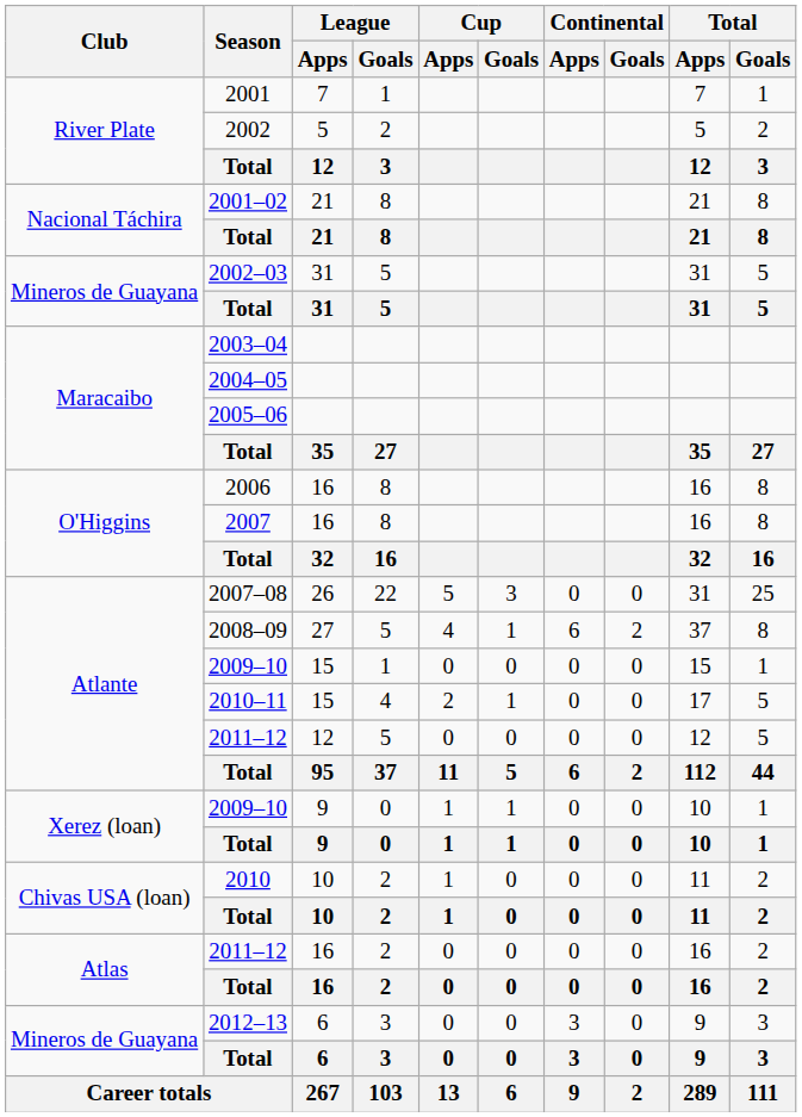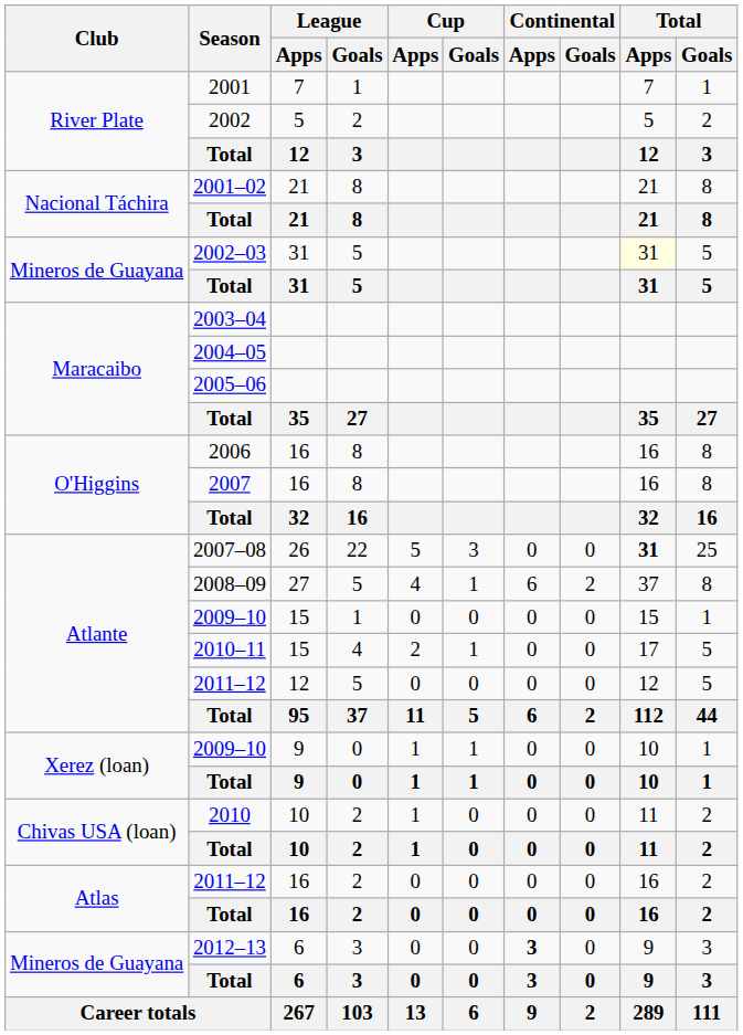 <table class="wikitable" style="text-align: center;">
 <tr>
 <th rowspan="2">Club</th>
 <th rowspan="2">Season</th>
 <th colspan="2">League</th>
 <th colspan="2">Cup</th>
 <th colspan="2">Continental</th>
 <th colspan="2">Total</th>
 </tr>
 <tr>
 <th>Apps</th>
 <th>Goals</th>
 <th>Apps</th>
 <th>Goals</th>
 <th>Apps</th>
 <th>Goals</th>
 <th>Apps</th>
 <th>Goals</th>
 </tr>
 <tr>
 <td rowspan="3"><a href='#'>River Plate</a></td>
 <td>2001</td>
 <td>7</td>
 <td>1</td>
 <td></td>
 <td></td>
 <td></td>
 <td></td>
 <td>7</td>
 <td>1</td>
 </tr>
 <tr>
 <td>2002</td>
 <td>5</td>
 <td>2</td>
 <td></td>
 <td></td>
 <td></td>
 <td></td>
 <td>5</td>
 <td>2</td>
 </tr>
 <tr>
 <th>Total</th>
 <th>12</th>
 <th>3</th>
 <th></th>
 <th></th>
 <th></th>
 <th></th>
 <th>12</th>
 <th>3</th>
 </tr>
 <tr>
 <td rowspan="2"><a href='#'>Nacional Táchira</a></td>
 <td><a href='#'>2001–02</a></td>
 <td>21</td>
 <td>8</td>
 <td></td>
 <td></td>
 <td></td>
 <td></td>
 <td>21</td>
 <td>8</td>
 </tr>
 <tr>
 <th>Total</th>
 <th>21</th>
 <th>8</th>
 <th></th>
 <th></th>
 <th></th>
 <th></th>
 <th>21</th>
 <th>8</th>
 </tr>
 <tr>
 <td rowspan="2"><a href='#'>Mineros de Guayana</a></td>
 <td><a href='#'>2002–03</a></td>
 <td>31</td>
 <td>5</td>
 <td></td>
 <td></td>
 <td></td>
 <td></td>
-<td>31</td>
+<td style="background: lightyellow;">31</td>
 <td>5</td>
 </tr>
 <tr>
 <th>Total</th>
 <th>31</th>
 <th>5</th>
 <th></th>
 <th></th>
 <th></th>
 <th></th>
 <th>31</th>
 <th>5</th>
 </tr>
 <tr>
 <td rowspan="4"><a href='#'>Maracaibo</a></td>
 <td><a href='#'>2003–04</a></td>
 <td></td>
 <td></td>
 <td></td>
 <td></td>
 <td></td>
 <td></td>
 <td></td>
 <td></td>
 </tr>
 <tr>
 <td><a href='#'>2004–05</a></td>
 <td></td>
 <td></td>
 <td></td>
 <td></td>
 <td></td>
 <td></td>
 <td></td>
 <td></td>
 </tr>
 <tr>
 <td><a href='#'>2005–06</a></td>
 <td></td>
 <td></td>
 <td></td>
 <td></td>
 <td></td>
 <td></td>
 <td></td>
 <td></td>
 </tr>
 <tr>
 <th>Total</th>
 <th>35</th>
 <th>27</th>
 <th></th>
 <th></th>
 <th></th>
 <th></th>
 <th>35</th>
 <th>27</th>
 </tr>
 <tr>
 <td rowspan="3"><a href='#'>O'Higgins</a></td>
 <td>2006</td>
 <td>16</td>
 <td>8</td>
 <td></td>
 <td></td>
 <td></td>
 <td></td>
 <td>16</td>
 <td>8</td>
 </tr>
 <tr>
 <td><a href='#'>2007</a></td>
 <td>16</td>
 <td>8</td>
 <td></td>
 <td></td>
 <td></td>
 <td></td>
 <td>16</td>
 <td>8</td>
 </tr>
 <tr>
 <th>Total</th>
 <th>32</th>
 <th>16</th>
 <th></th>
 <th></th>
 <th></th>
 <th></th>
 <th>32</th>
 <th>16</th>
 </tr>
 <tr>
 <td rowspan="6"><a href='#'>Atlante</a></td>
 <td>2007–08</td>
 <td>26</td>
 <td>22</td>
 <td>5</td>
 <td>3</td>
 <td>0</td>
 <td>0</td>
-<td>31</td>
+<td><strong>31</strong></td>
 <td>25</td>
 </tr>
 <tr>
 <td>2008–09</td>
 <td>27</td>
 <td>5</td>
 <td>4</td>
 <td>1</td>
 <td>6</td>
 <td>2</td>
 <td>37</td>
 <td>8</td>
 </tr>
 <tr>
 <td><a href='#'>2009–10</a></td>
 <td>15</td>
 <td>1</td>
 <td>0</td>
 <td>0</td>
 <td>0</td>
 <td>0</td>
 <td>15</td>
 <td>1</td>
 </tr>
 <tr>
 <td><a href='#'>2010–11</a></td>
 <td>15</td>
 <td>4</td>
 <td>2</td>
 <td>1</td>
 <td>0</td>
 <td>0</td>
 <td>17</td>
 <td>5</td>
 </tr>
 <tr>
 <td><a href='#'>2011–12</a></td>
 <td>12</td>
 <td>5</td>
 <td>0</td>
 <td>0</td>
 <td>0</td>
 <td>0</td>
 <td>12</td>
 <td>5</td>
 </tr>
 <tr>
 <th>Total</th>
 <th>95</th>
 <th>37</th>
 <th>11</th>
 <th>5</th>
 <th>6</th>
 <th>2</th>
 <th>112</th>
 <th>44</th>
 </tr>
 <tr>
 <td rowspan="2"><a href='#'>Xerez</a> (loan)</td>
 <td><a href='#'>2009–10</a></td>
 <td>9</td>
 <td>0</td>
 <td>1</td>
 <td>1</td>
 <td>0</td>
 <td>0</td>
 <td>10</td>
 <td>1</td>
 </tr>
 <tr>
 <th>Total</th>
 <th>9</th>
 <th>0</th>
 <th>1</th>
 <th>1</th>
 <th>0</th>
 <th>0</th>
 <th>10</th>
 <th>1</th>
 </tr>
 <tr>
 <td rowspan="2"><a href='#'>Chivas USA</a> (loan)</td>
 <td><a href='#'>2010</a></td>
 <td>10</td>
 <td>2</td>
 <td>1</td>
 <td>0</td>
 <td>0</td>
 <td>0</td>
 <td>11</td>
 <td>2</td>
 </tr>
 <tr>
 <th>Total</th>
 <th>10</th>
 <th>2</th>
 <th>1</th>
 <th>0</th>
 <th>0</th>
 <th>0</th>
 <th>11</th>
 <th>2</th>
 </tr>
 <tr>
 <td rowspan="2"><a href='#'>Atlas</a></td>
 <td><a href='#'>2011–12</a></td>
 <td>16</td>
 <td>2</td>
 <td>0</td>
 <td>0</td>
 <td>0</td>
 <td>0</td>
 <td>16</td>
 <td>2</td>
 </tr>
 <tr>
 <th>Total</th>
 <th>16</th>
 <th>2</th>
 <th>0</th>
 <th>0</th>
 <th>0</th>
 <th>0</th>
 <th>16</th>
 <th>2</th>
 </tr>
 <tr>
 <td rowspan="2"><a href='#'>Mineros de Guayana</a></td>
 <td><a href='#'>2012–13</a></td>
 <td>6</td>
 <td>3</td>
 <td>0</td>
 <td>0</td>
-<td>3</td>
+<td><strong>3</strong></td>
 <td>0</td>
 <td>9</td>
 <td>3</td>
 </tr>
 <tr>
 <th>Total</th>
 <th>6</th>
 <th>3</th>
 <th>0</th>
 <th>0</th>
 <th>3</th>
 <th>0</th>
 <th>9</th>
 <th>3</th>
 </tr>
 <tr>
 <th colspan="2">Career totals</th>
 <th>267</th>
 <th>103</th>
 <th>13</th>
 <th>6</th>
 <th>9</th>
 <th>2</th>
 <th>289</th>
 <th>111</th>
 </tr>
 </table>
